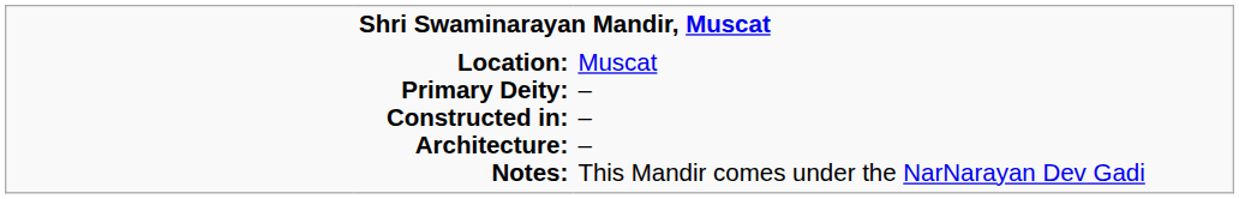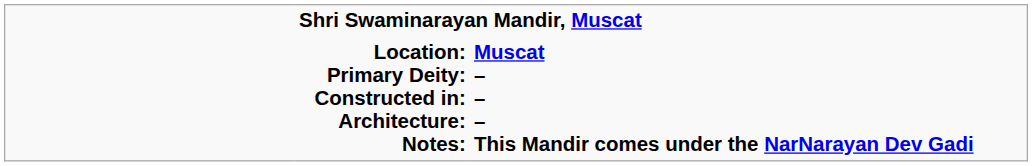 <table class="wikitable plain" border="0" width="800">
 <tr>
 <td width="220px" rowspan="2" style="border:none;"></td>
 <td valign="top" colspan=2 style="border:none;"><strong>Shri Swaminarayan Mandir, <a href='#'>Muscat</a></strong></td>
 </tr>
 <tr>
 <td valign="top" style="text-align:right; border:none;"><strong>Location:</strong><br><strong>Primary Deity:</strong><br><strong>Constructed in:</strong><br><strong>Architecture:</strong><br><strong>Notes:</strong></td>
-<td valign="top" style="border:none;"><a href='#'>Muscat</a> <br>– <br>– <br>– <br>This Mandir comes under the <a href='#'>NarNarayan Dev Gadi</a></td>
+<td valign="top" style="border:none;"><strong><a href='#'>Muscat</a> <br>– <br>– <br>– <br>This Mandir comes under the <a href='#'>NarNarayan Dev Gadi</a></strong></td>
 </tr>
 </table>
